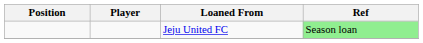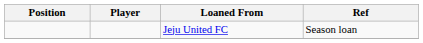 <table class="wikitable sortable" style="width:70%; text-align:center; font-size:100%; text-align:left;">
 <tr>
 <th><strong>Position</strong></th>
 <th><strong>Player</strong></th>
 <th><strong>Loaned From</strong></th>
 <th><strong>Ref</strong></th>
 </tr>
 <tr>
 <td></td>
 <td></td>
 <td> <a href='#'>Jeju United FC</a></td>
-<td style="background: lightgreen;">Season loan </td>
+<td>Season loan </td>
 </tr>
 <tr>
 </tr>
 </table>
